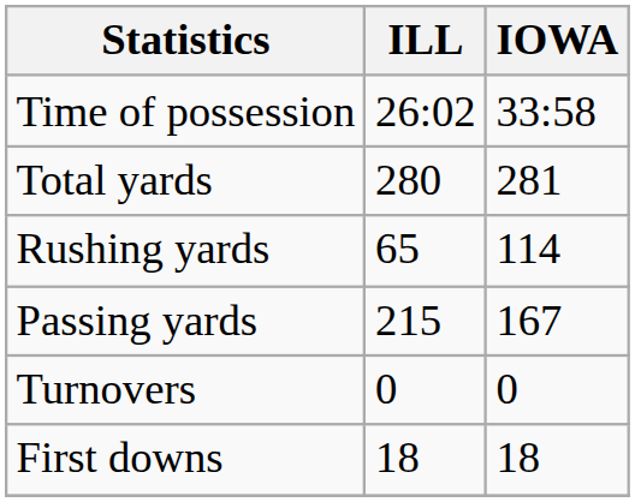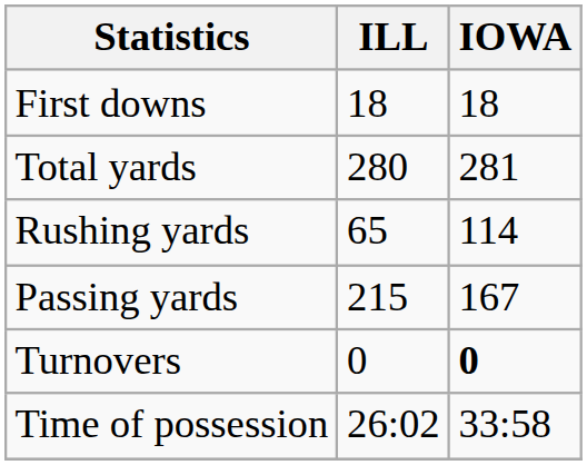 <table class="wikitable">
 <tr>
 <th>Statistics</th>
 <th>ILL</th>
 <th>IOWA</th>
 </tr>
 <tr>
-<td>Time of possession</td>
-<td>26:02</td>
-<td>33:58</td>
+<td>First downs</td>
+<td>18</td>
+<td>18</td>
 </tr>
 <tr>
 <td>Total yards</td>
 <td>280</td>
 <td>281</td>
 </tr>
 <tr>
 <td>Rushing yards</td>
 <td>65</td>
 <td>114</td>
 </tr>
 <tr>
 <td>Passing yards</td>
 <td>215</td>
 <td>167</td>
 </tr>
 <tr>
 <td>Turnovers</td>
 <td>0</td>
-<td>0</td>
+<td><strong>0</strong></td>
 </tr>
 <tr>
-<td>First downs</td>
-<td>18</td>
-<td>18</td>
+<td>Time of possession</td>
+<td>26:02</td>
+<td>33:58</td>
 </tr>
 <tr>
 </tr>
 </table>
